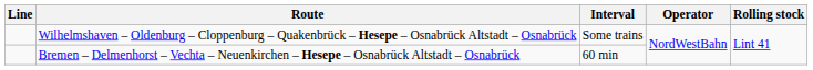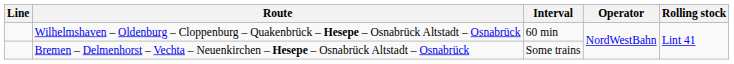 <table class="wikitable">
 <tr>
 <th>Line</th>
 <th>Route</th>
 <th>Interval</th>
 <th>Operator</th>
 <th>Rolling stock</th>
 </tr>
 <tr>
 <td></td>
 <td><a href='#'>Wilhelmshaven</a> –  <a href='#'>Oldenburg</a> – Cloppenburg – Quakenbrück – <strong>Hesepe</strong> –  Osnabrück Altstadt – <a href='#'>Osnabrück</a></td>
-<td>Some trains</td>
+<td>60 min</td>
 <td rowspan="2"><a href='#'>NordWestBahn</a></td>
 <td rowspan="2"><a href='#'>Lint 41</a></td>
 </tr>
 <tr>
 <td></td>
 <td><a href='#'>Bremen</a> – <a href='#'>Delmenhorst</a> – <a href='#'>Vechta</a> – Neuenkirchen – <strong>Hesepe</strong> – Osnabrück Altstadt – <a href='#'>Osnabrück</a></td>
-<td>60 min</td>
+<td>Some trains</td>
 </tr>
 </table>
